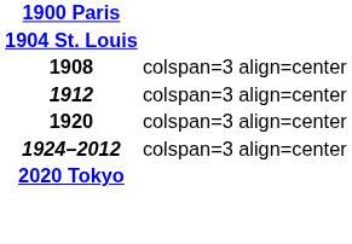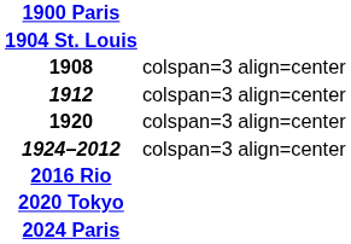 <table>
 <tr>
 <th scope="row"><a href='#'>1900 Paris</a><br></th>
 <td></td>
 <td></td>
 <td></td>
 </tr>
 <tr>
 <th scope="row"><a href='#'>1904 St. Louis</a><br></th>
 <td></td>
 <td></td>
 <td><br></td>
 </tr>
 <tr>
 <th scope="row">1908</th>
 <td>colspan=3 align=center</td>
 </tr>
 <tr>
 <th scope="row"><em>1912</em></th>
 <td>colspan=3 align=center</td>
 </tr>
 <tr>
 <th scope="row">1920</th>
 <td>colspan=3 align=center</td>
 </tr>
 <tr>
 <th scope="row"><em>1924–2012</em></th>
 <td>colspan=3 align=center</td>
 </tr>
 <tr>
+<th scope="row"><a href='#'>2016 Rio</a><br></th>
+<td></td>
+<td></td>
+<td></td>
+</tr>
+<tr>
 <th scope="row"><a href='#'>2020 Tokyo</a><br></th>
+<td></td>
+<td></td>
+<td></td>
+</tr>
+<tr>
+<th scope="row"><a href='#'>2024 Paris</a><br></th>
 <td></td>
 <td></td>
 <td></td>
 </tr>
 <tr>
 </tr>
 </table>
